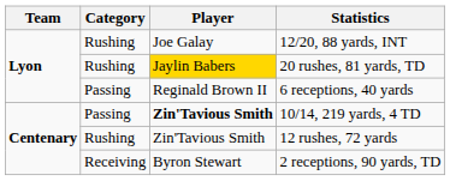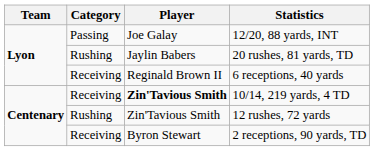 <table class="wikitable" style="float: left;">
 <tr>
 <th>Team</th>
 <th>Category</th>
 <th>Player</th>
 <th>Statistics</th>
 </tr>
 <tr>
 <td rowspan=3><strong>Lyon</strong></td>
-<td>Rushing</td>
+<td>Passing</td>
 <td>Joe Galay</td>
 <td>12/20, 88 yards, INT</td>
 </tr>
 <tr>
 <td>Rushing</td>
-<td style="background: gold;">Jaylin Babers</td>
+<td>Jaylin Babers</td>
 <td>20 rushes, 81 yards, TD</td>
 </tr>
 <tr>
-<td>Passing</td>
+<td>Receiving</td>
 <td>Reginald Brown II</td>
 <td>6 receptions, 40 yards</td>
 </tr>
 <tr>
 <td rowspan=3><strong>Centenary</strong></td>
-<td>Passing</td>
+<td>Receiving</td>
 <td><strong>Zin'Tavious Smith</strong></td>
 <td>10/14, 219 yards, 4 TD</td>
 </tr>
 <tr>
 <td>Rushing</td>
 <td>Zin'Tavious Smith</td>
 <td>12 rushes, 72 yards</td>
 </tr>
 <tr>
 <td>Receiving</td>
 <td>Byron Stewart</td>
 <td>2 receptions, 90 yards, TD</td>
 </tr>
 </table>
